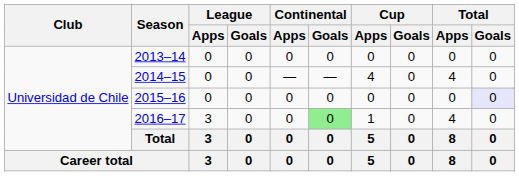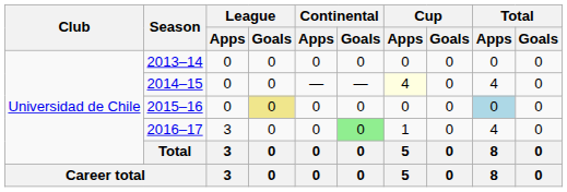 <table class="wikitable" style="text-align: center;">
 <tr>
 <th rowspan="2">Club</th>
 <th rowspan="2">Season</th>
 <th colspan="2">League</th>
 <th colspan="2">Continental</th>
 <th colspan="2">Cup</th>
 <th colspan="2">Total</th>
 </tr>
 <tr>
 <th>Apps</th>
 <th>Goals</th>
 <th>Apps</th>
 <th>Goals</th>
 <th>Apps</th>
 <th>Goals</th>
 <th>Apps</th>
 <th>Goals</th>
 </tr>
 <tr>
 <td rowspan="5"><a href='#'>Universidad de Chile</a></td>
 <td><a href='#'>2013–14</a></td>
 <td>0</td>
 <td>0</td>
 <td>0</td>
 <td>0</td>
 <td>0</td>
 <td>0</td>
 <td>0</td>
 <td>0</td>
 </tr>
 <tr>
 <td><a href='#'>2014–15</a></td>
 <td>0</td>
 <td>0</td>
 <td>—</td>
 <td>—</td>
-<td>4</td>
+<td style="background: lightyellow;">4</td>
 <td>0</td>
 <td>4</td>
 <td>0</td>
 </tr>
 <tr>
 <td><a href='#'>2015–16</a></td>
 <td>0</td>
+<td style="background: khaki;">0</td>
 <td>0</td>
 <td>0</td>
 <td>0</td>
 <td>0</td>
+<td style="background: lightblue;">0</td>
 <td>0</td>
-<td>0</td>
-<td style="background: lavender;">0</td>
 </tr>
 <tr>
 <td><a href='#'>2016–17</a></td>
 <td>3</td>
 <td>0</td>
 <td>0</td>
 <td style="background: lightgreen;">0</td>
 <td>1</td>
 <td>0</td>
 <td>4</td>
 <td>0</td>
 </tr>
 <tr>
 <th>Total</th>
 <th>3</th>
 <th>0</th>
 <th>0</th>
 <th>0</th>
 <th>5</th>
 <th>0</th>
 <th>8</th>
 <th>0</th>
 </tr>
 <tr>
 <th colspan="2">Career total</th>
 <th>3</th>
 <th>0</th>
 <th>0</th>
 <th>0</th>
 <th>5</th>
 <th>0</th>
 <th>8</th>
 <th>0</th>
 </tr>
 </table>
